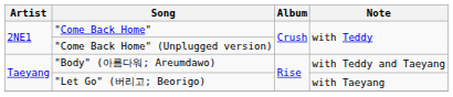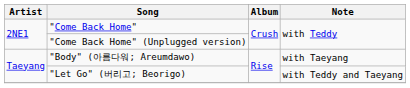 <table class="wikitable sortable">
 <tr>
 <th>Artist</th>
 <th>Song</th>
 <th>Album</th>
 <th>Note</th>
 </tr>
 <tr>
 <td rowspan=2><a href='#'>2NE1</a></td>
 <td>"<a href='#'>Come Back Home</a>"</td>
 <td rowspan=2><a href='#'>Crush</a></td>
 <td rowspan=2>with <a href='#'>Teddy</a></td>
 </tr>
 <tr>
 <td>"Come Back Home" (Unplugged version)</td>
 </tr>
 <tr>
 <td rowspan=2><a href='#'>Taeyang</a></td>
 <td>"Body" (아름다워; Areumdawo)</td>
 <td rowspan=2><a href='#'>Rise</a></td>
-<td>with Teddy and Taeyang</td>
+<td>with Taeyang</td>
 </tr>
 <tr>
 <td>"Let Go" (버리고; Beorigo)</td>
-<td>with Taeyang</td>
+<td>with Teddy and Taeyang</td>
 </tr>
 <tr>
 </tr>
 </table>
